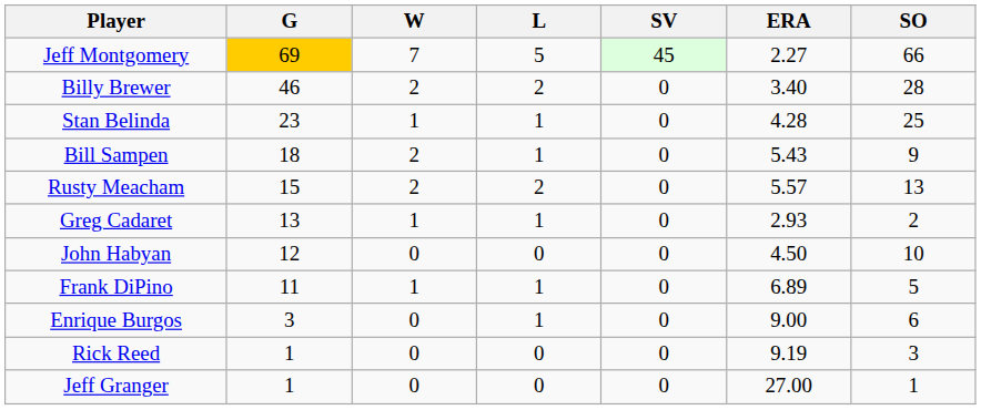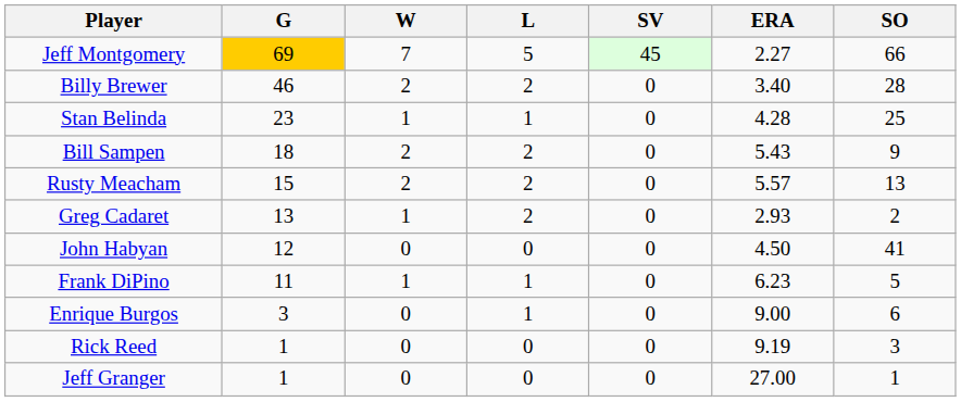 <table class="wikitable sortable">
 <tr>
 <th bgcolor="#DDDDFF" width="16%">Player</th>
 <th bgcolor="#DDDDFF" width="9%">G</th>
 <th bgcolor="#DDDDFF" width="9%">W</th>
 <th bgcolor="#DDDDFF" width="9%">L</th>
 <th bgcolor="#DDDDFF" width="9%">SV</th>
 <th bgcolor="#DDDDFF" width="9%">ERA</th>
 <th bgcolor="#DDDDFF" width="9%">SO</th>
 </tr>
 <tr align="center">
 <td><a href='#'>Jeff Montgomery</a></td>
 <td style="background:#fc0;">69</td>
 <td>7</td>
 <td>5</td>
 <td style="background:#DDFFDD;">45</td>
 <td>2.27</td>
 <td>66</td>
 </tr>
 <tr align=center>
 <td><a href='#'>Billy Brewer</a></td>
 <td>46</td>
 <td>2</td>
 <td>2</td>
 <td>0</td>
 <td>3.40</td>
 <td>28</td>
 </tr>
 <tr align=center>
 <td><a href='#'>Stan Belinda</a></td>
 <td>23</td>
 <td>1</td>
 <td>1</td>
 <td>0</td>
 <td>4.28</td>
 <td>25</td>
 </tr>
 <tr align=center>
 <td><a href='#'>Bill Sampen</a></td>
 <td>18</td>
 <td>2</td>
-<td>1</td>
+<td>2</td>
 <td>0</td>
 <td>5.43</td>
 <td>9</td>
 </tr>
 <tr align=center>
 <td><a href='#'>Rusty Meacham</a></td>
 <td>15</td>
 <td>2</td>
 <td>2</td>
 <td>0</td>
 <td>5.57</td>
 <td>13</td>
 </tr>
 <tr align=center>
 <td><a href='#'>Greg Cadaret</a></td>
 <td>13</td>
 <td>1</td>
-<td>1</td>
+<td>2</td>
 <td>0</td>
 <td>2.93</td>
 <td>2</td>
 </tr>
 <tr align=center>
 <td><a href='#'>John Habyan</a></td>
 <td>12</td>
 <td>0</td>
 <td>0</td>
 <td>0</td>
 <td>4.50</td>
-<td>10</td>
+<td>41</td>
 </tr>
 <tr align="center">
 <td><a href='#'>Frank DiPino</a></td>
 <td>11</td>
 <td>1</td>
 <td>1</td>
 <td>0</td>
-<td>6.89</td>
+<td>6.23</td>
 <td>5</td>
 </tr>
 <tr align=center>
 <td><a href='#'>Enrique Burgos</a></td>
 <td>3</td>
 <td>0</td>
 <td>1</td>
 <td>0</td>
 <td>9.00</td>
 <td>6</td>
 </tr>
 <tr align=center>
 <td><a href='#'>Rick Reed</a></td>
 <td>1</td>
 <td>0</td>
 <td>0</td>
 <td>0</td>
 <td>9.19</td>
 <td>3</td>
 </tr>
 <tr align=center>
 <td><a href='#'>Jeff Granger</a></td>
 <td>1</td>
 <td>0</td>
 <td>0</td>
 <td>0</td>
 <td>27.00</td>
 <td>1</td>
 </tr>
 </table>
